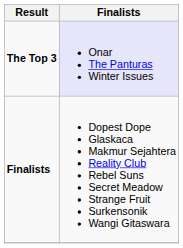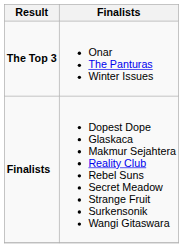 <table class="wikitable">
 <tr>
 <th>Result</th>
 <th>Finalists</th>
 </tr>
 <tr>
 <td><strong>The Top 3</strong></td>
-<td style="background: lavender;"><br><ul><li>Onar</li><li><a href='#'>The Panturas</a></li><li>Winter Issues</li></ul></td>
+<td><br><ul><li>Onar</li><li><a href='#'>The Panturas</a></li><li>Winter Issues</li></ul></td>
 </tr>
 <tr>
 <td><strong>Finalists</strong></td>
 <td><br><ul><li>Dopest Dope</li><li>Glaskaca</li><li>Makmur Sejahtera</li><li><a href='#'>Reality Club</a></li><li>Rebel Suns</li><li>Secret Meadow</li><li>Strange Fruit</li><li>Surkensonik</li><li>Wangi Gitaswara</li></ul></td>
 </tr>
 <tr>
 </tr>
 </table>
